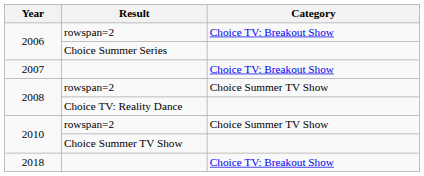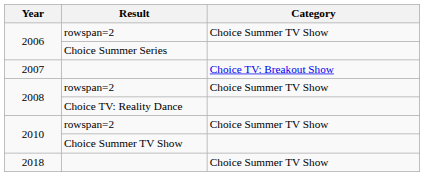 <table class="wikitable" style="font-size:95%;">
 <tr>
 <th style="width:70px;">Year</th>
 <th style="width:190px;">Result</th>
 <th style="width:280px;">Category</th>
 </tr>
 <tr>
 <td rowspan=2 style="text-align: center">2006</td>
 <td>rowspan=2 </td>
-<td><a href='#'>Choice TV: Breakout Show</a></td>
+<td>Choice Summer TV Show</td>
 </tr>
 <tr>
 <td>Choice Summer Series</td>
 </tr>
 <tr>
 <td style="text-align: center">2007</td>
 <td></td>
 <td><a href='#'>Choice TV: Breakout Show</a></td>
 </tr>
 <tr>
 <td rowspan=2 style="text-align: center">2008</td>
 <td>rowspan=2 </td>
 <td>Choice Summer TV Show</td>
 </tr>
 <tr>
 <td>Choice TV: Reality Dance</td>
 </tr>
 <tr>
 <td rowspan=2 style="text-align: center">2010</td>
 <td>rowspan=2 </td>
 <td>Choice Summer TV Show</td>
 </tr>
 <tr>
 <td>Choice Summer TV Show</td>
 </tr>
 <tr>
 <td style="text-align: center">2018</td>
 <td></td>
-<td><a href='#'>Choice TV: Breakout Show</a></td>
+<td>Choice Summer TV Show</td>
 </tr>
 </table>
